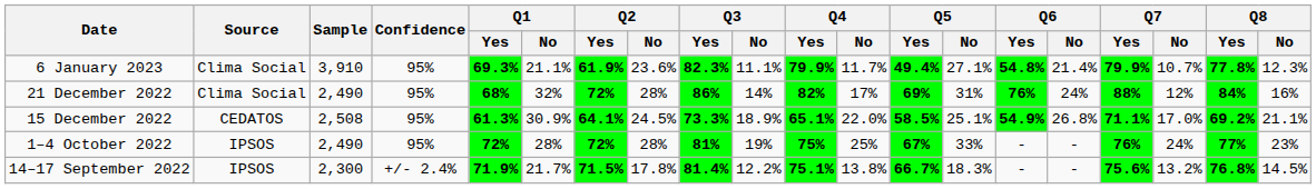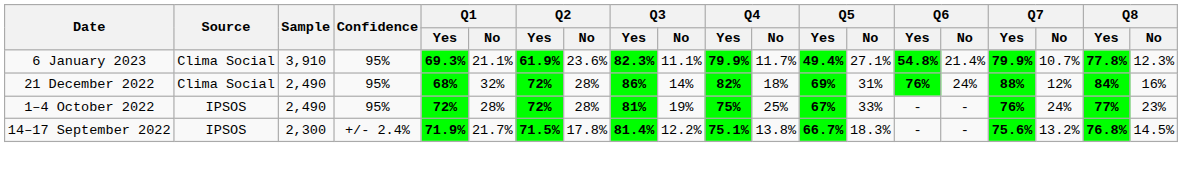 <table class="wikitable" style="font-size: 90%; text-align:center">
 <tr>
 <th rowspan="2">Date</th>
 <th rowspan="2">Source</th>
 <th rowspan="2">Sample</th>
 <th rowspan="2">Confidence</th>
 <th colspan="2">Q1</th>
 <th colspan="2">Q2</th>
 <th colspan="2">Q3</th>
 <th colspan="2">Q4</th>
 <th colspan="2">Q5</th>
 <th colspan="2">Q6</th>
 <th colspan="2">Q7</th>
 <th colspan="2">Q8</th>
 </tr>
 <tr>
 <th>Yes</th>
 <th>No</th>
 <th>Yes</th>
 <th>No</th>
 <th>Yes</th>
 <th>No</th>
 <th>Yes</th>
 <th>No</th>
 <th>Yes</th>
 <th>No</th>
 <th>Yes</th>
 <th>No</th>
 <th>Yes</th>
 <th>No</th>
 <th>Yes</th>
 <th>No</th>
 </tr>
 <tr>
 <td>6 January 2023</td>
 <td>Clima Social</td>
 <td>3,910</td>
 <td>95%</td>
 <td bgcolor=lime><strong>69.3%</strong></td>
 <td>21.1%</td>
 <td bgcolor=lime><strong>61.9%</strong></td>
 <td>23.6%</td>
 <td bgcolor=lime><strong>82.3%</strong></td>
 <td>11.1%</td>
 <td bgcolor=lime><strong>79.9%</strong></td>
 <td>11.7%</td>
 <td bgcolor=lime><strong>49.4%</strong></td>
 <td>27.1%</td>
 <td bgcolor=lime><strong>54.8%</strong></td>
 <td>21.4%</td>
 <td bgcolor=lime><strong>79.9%</strong></td>
 <td>10.7%</td>
 <td bgcolor=lime><strong>77.8%</strong></td>
 <td>12.3%</td>
 </tr>
 <tr>
 <td>21 December 2022</td>
 <td>Clima Social</td>
 <td>2,490</td>
 <td>95%</td>
 <td bgcolor=lime><strong>68%</strong></td>
 <td>32%</td>
 <td bgcolor=lime><strong>72%</strong></td>
 <td>28%</td>
 <td bgcolor=lime><strong>86%</strong></td>
 <td>14%</td>
 <td bgcolor=lime><strong>82%</strong></td>
-<td>17%</td>
+<td>18%</td>
 <td bgcolor=lime><strong>69%</strong></td>
 <td>31%</td>
 <td bgcolor=lime><strong>76%</strong></td>
 <td>24%</td>
 <td bgcolor=lime><strong>88%</strong></td>
 <td>12%</td>
 <td bgcolor=lime><strong>84%</strong></td>
 <td>16%</td>
-</tr>
-<tr>
-<td>15 December 2022</td>
-<td>CEDATOS</td>
-<td>2,508</td>
-<td>95%</td>
-<td bgcolor=lime><strong>61.3%</strong></td>
-<td>30.9%</td>
-<td bgcolor=lime><strong>64.1%</strong></td>
-<td>24.5%</td>
-<td bgcolor=lime><strong>73.3%</strong></td>
-<td>18.9%</td>
-<td bgcolor=lime><strong>65.1%</strong></td>
-<td>22.0%</td>
-<td bgcolor=lime><strong>58.5%</strong></td>
-<td>25.1%</td>
-<td bgcolor=lime><strong>54.9%</strong></td>
-<td>26.8%</td>
-<td bgcolor=lime><strong>71.1%</strong></td>
-<td>17.0%</td>
-<td bgcolor=lime><strong>69.2%</strong></td>
-<td>21.1%</td>
 </tr>
 <tr>
 <td>1–4 October 2022</td>
 <td>IPSOS</td>
 <td>2,490</td>
 <td>95%</td>
 <td bgcolor=lime><strong>72%</strong></td>
 <td>28%</td>
 <td bgcolor=lime><strong>72%</strong></td>
 <td>28%</td>
 <td bgcolor=lime><strong>81%</strong></td>
 <td>19%</td>
 <td bgcolor=lime><strong>75%</strong></td>
 <td>25%</td>
 <td bgcolor=lime><strong>67%</strong></td>
 <td>33%</td>
 <td align="center">-</td>
 <td>-</td>
 <td bgcolor=lime><strong>76%</strong></td>
 <td>24%</td>
 <td bgcolor=lime><strong>77%</strong></td>
 <td>23%</td>
 </tr>
 <tr>
 <td>14–17 September 2022</td>
 <td>IPSOS</td>
 <td>2,300</td>
 <td>+/- 2.4%</td>
 <td bgcolor=lime><strong>71.9%</strong></td>
 <td>21.7%</td>
 <td bgcolor=lime><strong>71.5%</strong></td>
 <td>17.8%</td>
 <td bgcolor=lime><strong>81.4%</strong></td>
 <td>12.2%</td>
 <td bgcolor=lime><strong>75.1%</strong></td>
 <td>13.8%</td>
 <td bgcolor=lime><strong>66.7%</strong></td>
 <td>18.3%</td>
 <td>-</td>
 <td>-</td>
 <td bgcolor=lime><strong>75.6%</strong></td>
 <td>13.2%</td>
 <td bgcolor=lime><strong>76.8%</strong></td>
 <td>14.5%</td>
 </tr>
 </table>
